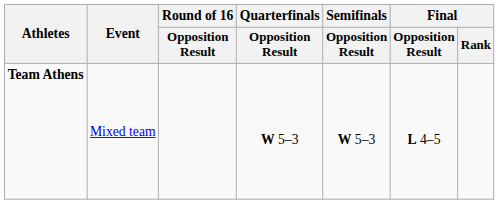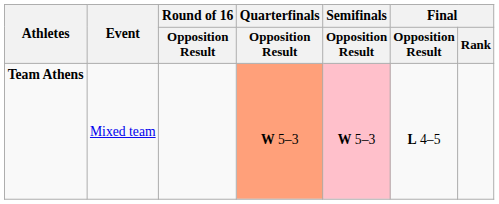 <table class="wikitable" style="font-size:90%">
 <tr>
 <th rowspan=2>Athletes</th>
 <th rowspan=2>Event</th>
 <th>Round of 16</th>
 <th>Quarterfinals</th>
 <th>Semifinals</th>
 <th colspan=2>Final</th>
 </tr>
 <tr style="font-size:95%">
 <th>Opposition<br>Result</th>
 <th>Opposition<br>Result</th>
 <th>Opposition<br>Result</th>
 <th>Opposition<br>Result</th>
 <th>Rank</th>
 </tr>
 <tr align=center>
 <td align=left><strong>Team Athens</strong> <br><br> <br><br><br><br><br><br></td>
 <td align=left Rowspan=2><a href='#'>Mixed team</a></td>
 <td></td>
-<td><br><strong>W</strong> 5–3</td>
-<td><br><strong>W</strong> 5–3</td>
+<td style="background: lightsalmon;"><br><strong>W</strong> 5–3</td>
+<td style="background: pink;"><br><strong>W</strong> 5–3</td>
 <td><br><strong>L</strong> 4–5</td>
 <td></td>
 </tr>
 </table>
